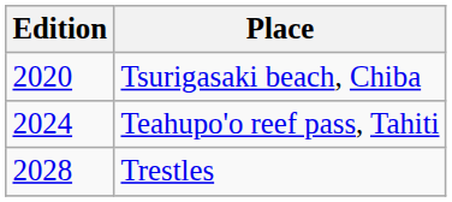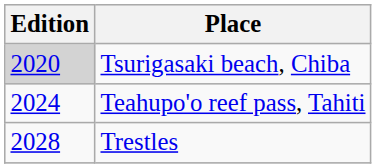 <table class="wikitable" style="text-align:left">
 <tr>
 <th>Edition</th>
 <th>Place</th>
 </tr>
 <tr>
-<td><a href='#'>2020</a></td>
+<td style="background: lightgrey;"><a href='#'>2020</a></td>
 <td><a href='#'>Tsurigasaki beach</a>, <a href='#'>Chiba</a></td>
 </tr>
 <tr>
 <td><a href='#'>2024</a></td>
 <td><a href='#'>Teahupo'o reef pass</a>, <a href='#'>Tahiti</a></td>
 </tr>
 <tr>
 <td><a href='#'>2028</a></td>
 <td><a href='#'>Trestles</a></td>
 </tr>
 </table>
